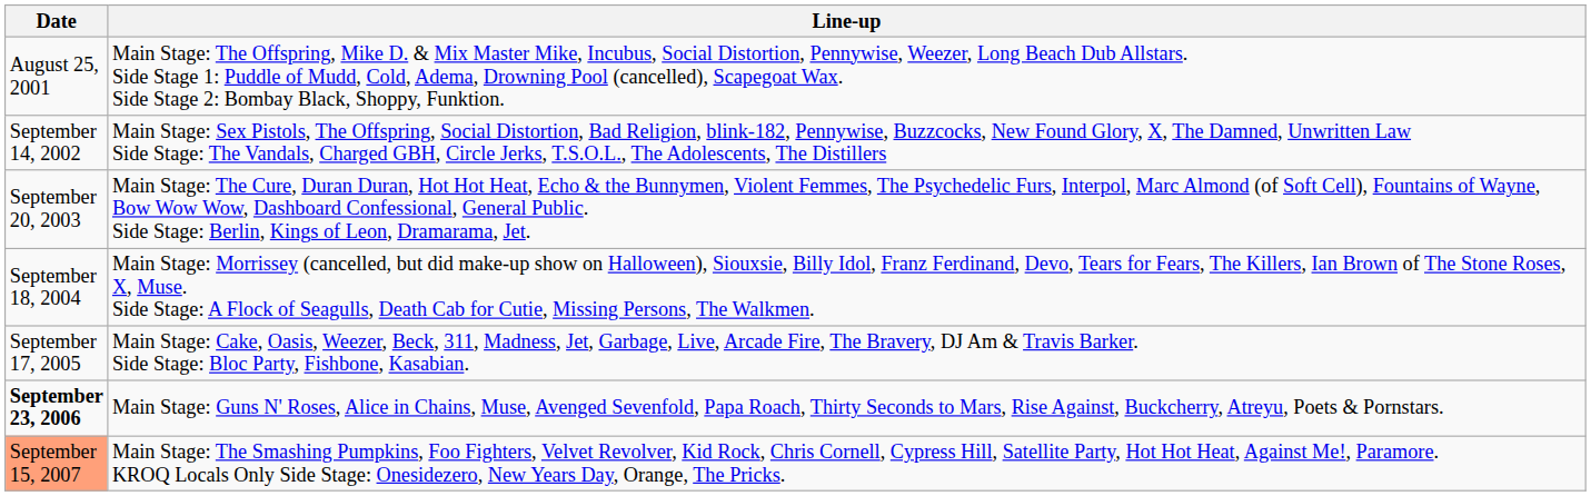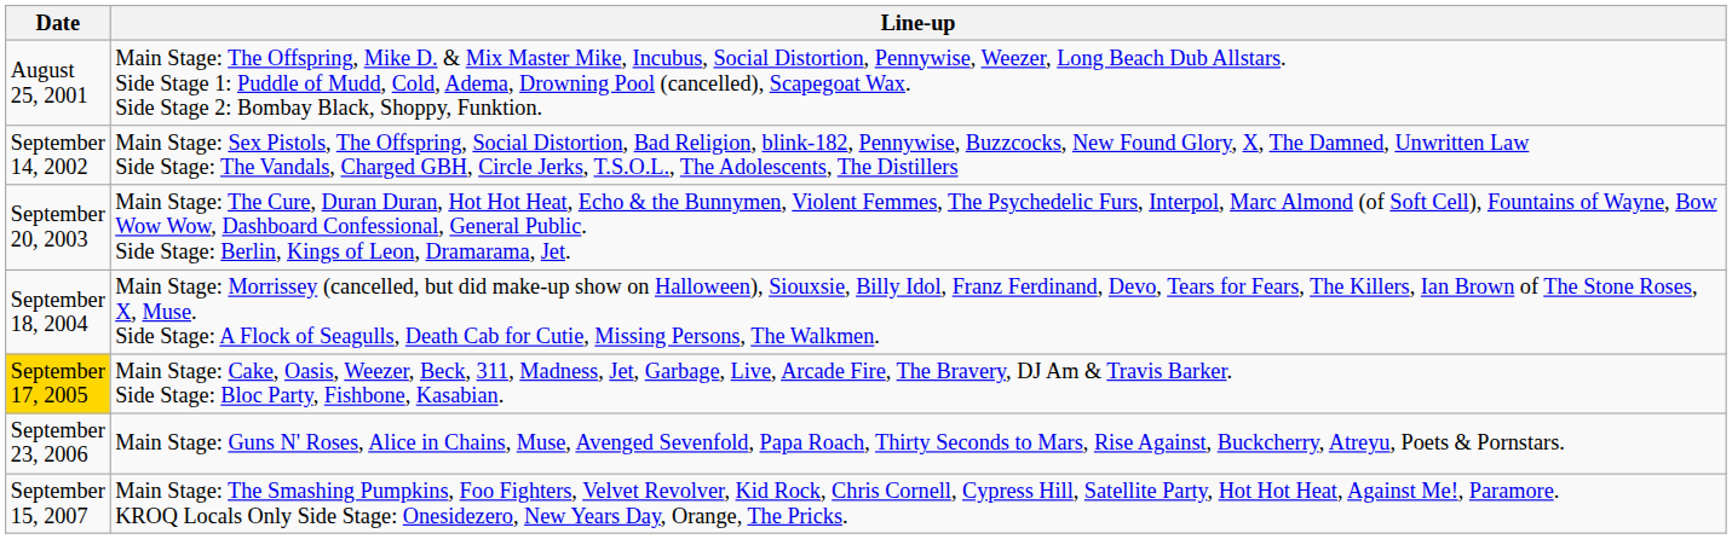 <table class="wikitable">
 <tr>
 <th width=50px>Date</th>
 <th colspan=12>Line-up</th>
 </tr>
 <tr>
 <td>August 25, 2001</td>
 <td colspan=12>Main Stage: <a href='#'>The Offspring</a>, <a href='#'>Mike D.</a> & <a href='#'>Mix Master Mike</a>, <a href='#'>Incubus</a>, <a href='#'>Social Distortion</a>, <a href='#'>Pennywise</a>, <a href='#'>Weezer</a>, <a href='#'>Long Beach Dub Allstars</a>.<br>Side Stage 1: <a href='#'>Puddle of Mudd</a>, <a href='#'>Cold</a>, <a href='#'>Adema</a>, <a href='#'>Drowning Pool</a> (cancelled), <a href='#'>Scapegoat Wax</a>.<br>Side Stage 2: Bombay Black, Shoppy, Funktion.</td>
 </tr>
 <tr>
 <td>September 14, 2002</td>
 <td colspan=12>Main Stage: <a href='#'>Sex Pistols</a>, <a href='#'>The Offspring</a>, <a href='#'>Social Distortion</a>, <a href='#'>Bad Religion</a>, <a href='#'>blink-182</a>, <a href='#'>Pennywise</a>, <a href='#'>Buzzcocks</a>, <a href='#'>New Found Glory</a>, <a href='#'>X</a>, <a href='#'>The Damned</a>, <a href='#'>Unwritten Law</a><br>Side Stage: <a href='#'>The Vandals</a>, <a href='#'>Charged GBH</a>, <a href='#'>Circle Jerks</a>, <a href='#'>T.S.O.L.</a>, <a href='#'>The Adolescents</a>, <a href='#'>The Distillers</a></td>
 </tr>
 <tr>
 <td>September 20, 2003</td>
 <td colspan=12>Main Stage: <a href='#'>The Cure</a>, <a href='#'>Duran Duran</a>, <a href='#'>Hot Hot Heat</a>, <a href='#'>Echo & the Bunnymen</a>, <a href='#'>Violent Femmes</a>, <a href='#'>The Psychedelic Furs</a>, <a href='#'>Interpol</a>, <a href='#'>Marc Almond</a> (of <a href='#'>Soft Cell</a>), <a href='#'>Fountains of Wayne</a>, <a href='#'>Bow Wow Wow</a>, <a href='#'>Dashboard Confessional</a>, <a href='#'>General Public</a>.<br>Side Stage: <a href='#'>Berlin</a>, <a href='#'>Kings of Leon</a>, <a href='#'>Dramarama</a>, <a href='#'>Jet</a>.</td>
 </tr>
 <tr>
 <td>September 18, 2004</td>
 <td colspan=12>Main Stage: <a href='#'>Morrissey</a> (cancelled, but did make-up show on <a href='#'>Halloween</a>), <a href='#'>Siouxsie</a>, <a href='#'>Billy Idol</a>, <a href='#'>Franz Ferdinand</a>, <a href='#'>Devo</a>, <a href='#'>Tears for Fears</a>, <a href='#'>The Killers</a>, <a href='#'>Ian Brown</a> of <a href='#'>The Stone Roses</a>, <a href='#'>X</a>, <a href='#'>Muse</a>.<br>Side Stage: <a href='#'>A Flock of Seagulls</a>, <a href='#'>Death Cab for Cutie</a>, <a href='#'>Missing Persons</a>, <a href='#'>The Walkmen</a>.</td>
 </tr>
 <tr>
-<td>September 17, 2005</td>
+<td style="background: gold;">September 17, 2005</td>
 <td colspan=12>Main Stage: <a href='#'>Cake</a>, <a href='#'>Oasis</a>, <a href='#'>Weezer</a>, <a href='#'>Beck</a>, <a href='#'>311</a>, <a href='#'>Madness</a>, <a href='#'>Jet</a>, <a href='#'>Garbage</a>, <a href='#'>Live</a>, <a href='#'>Arcade Fire</a>, <a href='#'>The Bravery</a>, DJ Am & <a href='#'>Travis Barker</a>.<br>Side Stage: <a href='#'>Bloc Party</a>, <a href='#'>Fishbone</a>, <a href='#'>Kasabian</a>.</td>
 </tr>
 <tr>
-<td><strong>September 23, 2006</strong></td>
+<td>September 23, 2006</td>
 <td colspan=12>Main Stage: <a href='#'>Guns N' Roses</a>, <a href='#'>Alice in Chains</a>, <a href='#'>Muse</a>, <a href='#'>Avenged Sevenfold</a>, <a href='#'>Papa Roach</a>, <a href='#'>Thirty Seconds to Mars</a>, <a href='#'>Rise Against</a>, <a href='#'>Buckcherry</a>, <a href='#'>Atreyu</a>, Poets & Pornstars.</td>
 </tr>
 <tr>
-<td style="background: lightsalmon;">September 15, 2007</td>
+<td>September 15, 2007</td>
 <td colspan=12>Main Stage: <a href='#'>The Smashing Pumpkins</a>, <a href='#'>Foo Fighters</a>, <a href='#'>Velvet Revolver</a>, <a href='#'>Kid Rock</a>, <a href='#'>Chris Cornell</a>, <a href='#'>Cypress Hill</a>, <a href='#'>Satellite Party</a>, <a href='#'>Hot Hot Heat</a>, <a href='#'>Against Me!</a>, <a href='#'>Paramore</a>.<br>KROQ Locals Only Side Stage: <a href='#'>Onesidezero</a>, <a href='#'>New Years Day</a>, Orange, <a href='#'>The Pricks</a>.</td>
 </tr>
 </table>
